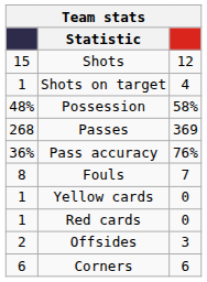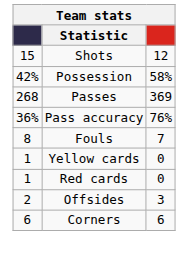 <table class="wikitable" style="margin-left: auto; margin-right: auto; border: none; text-align:center;">
 <tr>
 <th colspan=3>Team stats</th>
 </tr>
 <tr>
 <th style="background: #2D2A4A; color: #FFFFFF;"> <a href='#'></a></th>
 <th>Statistic</th>
 <th style="background: #da251d; color: #FFFFFF;"> <a href='#'></a></th>
 </tr>
 <tr>
 <td>15</td>
 <td>Shots</td>
 <td>12</td>
 </tr>
 <tr>
-<td>1</td>
-<td>Shots on target</td>
-<td>4</td>
-</tr>
-<tr>
-<td>48%</td>
+<td>42%</td>
 <td>Possession</td>
 <td>58%</td>
 </tr>
 <tr>
 <td>268</td>
 <td>Passes</td>
 <td>369</td>
 </tr>
 <tr>
 <td>36%</td>
 <td>Pass accuracy</td>
 <td>76%</td>
 </tr>
 <tr>
 <td>8</td>
 <td>Fouls</td>
 <td>7</td>
 </tr>
 <tr>
 <td>1</td>
 <td>Yellow cards</td>
 <td>0</td>
 </tr>
 <tr>
 <td>1</td>
 <td>Red cards</td>
 <td>0</td>
 </tr>
 <tr>
 <td>2</td>
 <td>Offsides</td>
 <td>3</td>
 </tr>
 <tr>
 <td>6</td>
 <td>Corners</td>
 <td>6</td>
 </tr>
 </table>
